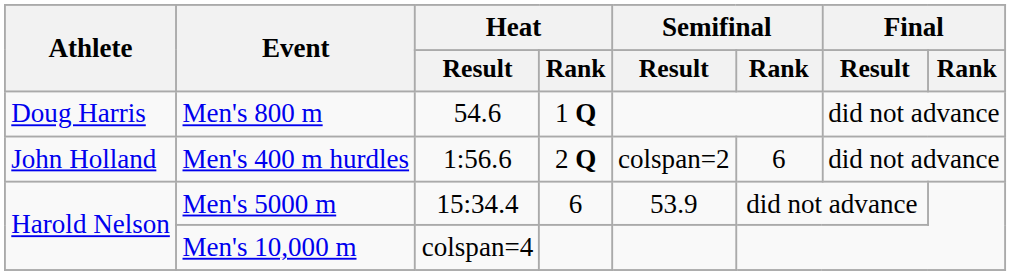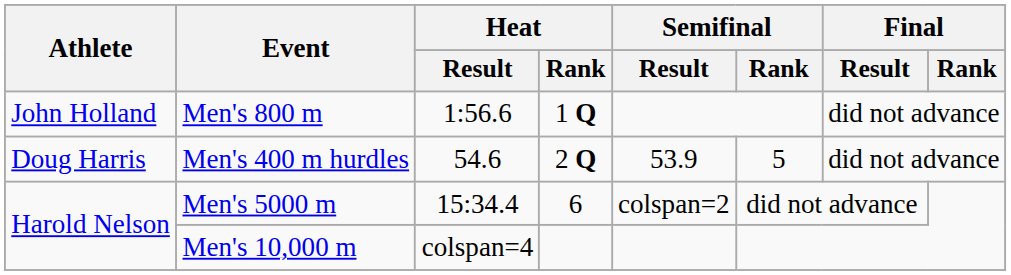 <table class=wikitable style=font-size:90%>
 <tr>
 <th rowspan=2>Athlete</th>
 <th rowspan=2>Event</th>
 <th colspan=2>Heat</th>
 <th colspan=2>Semifinal</th>
 <th colspan=2>Final</th>
 </tr>
 <tr style=font-size:95%>
 <th>Result</th>
 <th>Rank</th>
 <th>Result</th>
 <th>Rank</th>
 <th>Result</th>
 <th>Rank</th>
 </tr>
 <tr align=center>
-<td align=left><a href='#'>Doug Harris</a></td>
+<td align=left><a href='#'>John Holland</a></td>
 <td align=left><a href='#'>Men's 800 m</a></td>
-<td>54.6</td>
+<td>1:56.6</td>
 <td>1 <strong>Q</strong></td>
 <td colspan=2></td>
 <td colspan=2>did not advance</td>
 </tr>
 <tr align=center>
-<td align=left><a href='#'>John Holland</a></td>
+<td align=left><a href='#'>Doug Harris</a></td>
 <td align=left><a href='#'>Men's 400 m hurdles</a></td>
-<td>1:56.6</td>
+<td>54.6</td>
 <td>2 <strong>Q</strong></td>
-<td>colspan=2 </td>
-<td>6</td>
+<td>53.9</td>
+<td>5</td>
 <td colspan=2>did not advance</td>
 </tr>
 <tr align=center>
 <td align=left rowspan=2><a href='#'>Harold Nelson</a></td>
 <td align=left><a href='#'>Men's 5000 m</a></td>
 <td>15:34.4</td>
 <td>6</td>
-<td>53.9</td>
+<td>colspan=2 </td>
 <td colspan=2>did not advance</td>
 </tr>
 <tr align=center>
 <td align=left><a href='#'>Men's 10,000 m</a></td>
 <td>colspan=4 </td>
 <td></td>
 <td></td>
 </tr>
 </table>
